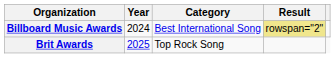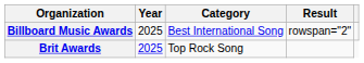 <table class="wikitable sortable plainrowheaders" style="border:none; margin:0;">
 <tr>
 <th scope="col">Organization</th>
 <th scope="col">Year</th>
 <th scope="col">Category</th>
 <th scope="col">Result</th>
 <th class="unsortable" scope="col"></th>
 </tr>
 <tr>
 <th scope="row"><a href='#'> Billboard Music Awards</a></th>
-<td>2024</td>
+<td>2025</td>
 <td><a href='#'>Best International Song</a></td>
-<td style="background: khaki;">rowspan="2" </td>
+<td>rowspan="2" </td>
 <td></td>
 </tr>
 <tr>
 <th scope="row"><a href='#'>Brit Awards</a></th>
 <td><a href='#'>2025</a></td>
 <td>Top Rock Song</td>
 <td></td>
 </tr>
 </table>
